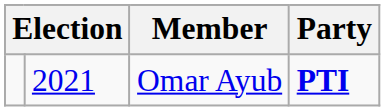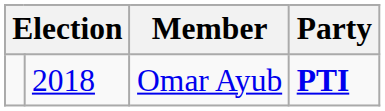 <table class="wikitable">
 <tr>
 <th colspan="2">Election</th>
 <th>Member</th>
 <th>Party</th>
 </tr>
 <tr>
 <td style="background-color: "></td>
-<td><a href='#'>2021</a></td>
+<td><a href='#'>2018</a></td>
 <td><a href='#'>Omar Ayub</a></td>
 <td><strong><a href='#'>PTI</a></strong></td>
 </tr>
 </table>
